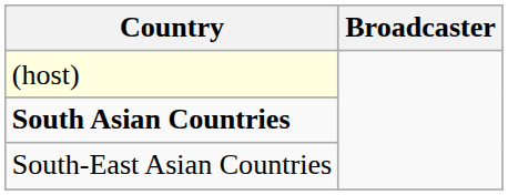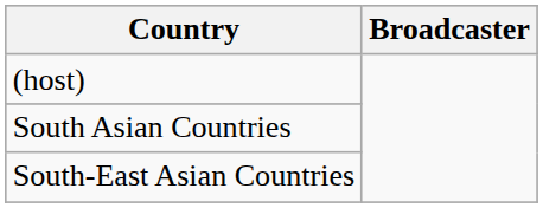 <table class="wikitable">
 <tr>
 <th>Country</th>
 <th>Broadcaster</th>
 </tr>
 <tr>
-<td style="background: lightyellow;"><strong></strong> (host)</td>
+<td><strong></strong> (host)</td>
 <td rowspan="3"><strong></strong></td>
 </tr>
 <tr>
-<td><strong>South Asian Countries</strong></td>
+<td>South Asian Countries</td>
 </tr>
 <tr>
 <td>South-East Asian Countries</td>
 </tr>
 </table>
